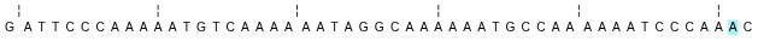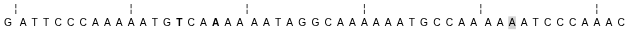 <table style="text-align:center;">
 <tr>
 <td></td>
 <td>¦</td>
 <td></td>
 <td></td>
 <td></td>
 <td></td>
 <td></td>
 <td></td>
 <td></td>
 <td></td>
 <td></td>
 <td></td>
 <td></td>
 <td></td>
 <td></td>
 <td></td>
 <td></td>
 <td></td>
 <td></td>
 <td></td>
 <td>¦</td>
 <td></td>
 <td></td>
 <td></td>
 <td></td>
 <td></td>
 <td></td>
 <td></td>
 <td></td>
 <td></td>
 <td></td>
 <td></td>
 <td></td>
 <td></td>
 <td></td>
 <td></td>
 <td></td>
 <td></td>
 <td></td>
 <td>¦</td>
 <td></td>
 <td></td>
 <td></td>
 <td></td>
 <td></td>
 <td></td>
 <td></td>
 <td></td>
 <td></td>
 <td></td>
 <td></td>
 <td></td>
 <td></td>
 <td></td>
 <td></td>
 <td></td>
 <td></td>
 <td></td>
 <td>¦</td>
 <td></td>
 <td></td>
 <td></td>
 <td></td>
 <td></td>
 <td></td>
 <td></td>
 <td></td>
 <td></td>
 <td></td>
 <td></td>
 <td></td>
 <td></td>
 <td></td>
 <td></td>
 <td></td>
 <td></td>
 <td></td>
 <td>¦</td>
 <td></td>
 <td></td>
 <td></td>
 <td></td>
 <td></td>
 <td></td>
 <td></td>
 <td></td>
 <td></td>
 <td></td>
 <td></td>
 <td></td>
 <td></td>
 <td></td>
 <td></td>
 <td></td>
 <td></td>
 <td></td>
 <td>¦</td>
 </tr>
 <tr>
 <td>G</td>
 <td></td>
 <td>A</td>
 <td></td>
 <td>T</td>
 <td></td>
 <td>T</td>
 <td></td>
 <td>C</td>
 <td></td>
 <td>C</td>
 <td></td>
 <td>C</td>
 <td></td>
 <td>A</td>
 <td></td>
 <td>A</td>
 <td></td>
 <td>A</td>
 <td></td>
 <td>A</td>
 <td></td>
 <td>A</td>
 <td></td>
 <td>T</td>
 <td></td>
 <td>G</td>
 <td></td>
-<td>T</td>
+<td><strong>T</strong></td>
 <td></td>
 <td>C</td>
 <td></td>
 <td>A</td>
 <td></td>
-<td>A</td>
+<td><strong>A</strong></td>
 <td></td>
 <td>A</td>
 <td></td>
 <td>A</td>
 <td></td>
 <td>A</td>
 <td></td>
 <td>A</td>
 <td></td>
 <td>T</td>
 <td></td>
 <td>A</td>
 <td></td>
 <td>G</td>
 <td></td>
 <td>G</td>
 <td></td>
 <td>C</td>
 <td></td>
 <td>A</td>
 <td></td>
 <td>A</td>
 <td></td>
 <td>A</td>
 <td></td>
 <td>A</td>
 <td></td>
 <td>A</td>
 <td></td>
 <td>A</td>
 <td></td>
 <td>T</td>
 <td></td>
 <td>G</td>
 <td></td>
 <td>C</td>
 <td></td>
 <td>C</td>
 <td></td>
 <td>A</td>
 <td></td>
 <td>A</td>
 <td></td>
 <td>A</td>
 <td></td>
 <td>A</td>
 <td></td>
-<td>A</td>
+<td style="background: lightgrey;">A</td>
 <td></td>
 <td>A</td>
 <td></td>
 <td>T</td>
 <td></td>
 <td>C</td>
 <td></td>
 <td>C</td>
 <td></td>
 <td>C</td>
 <td></td>
 <td>A</td>
 <td></td>
 <td>A</td>
 <td></td>
-<td style="background: paleturquoise;">A</td>
+<td>A</td>
 <td></td>
 <td>C</td>
 </tr>
 </table>
